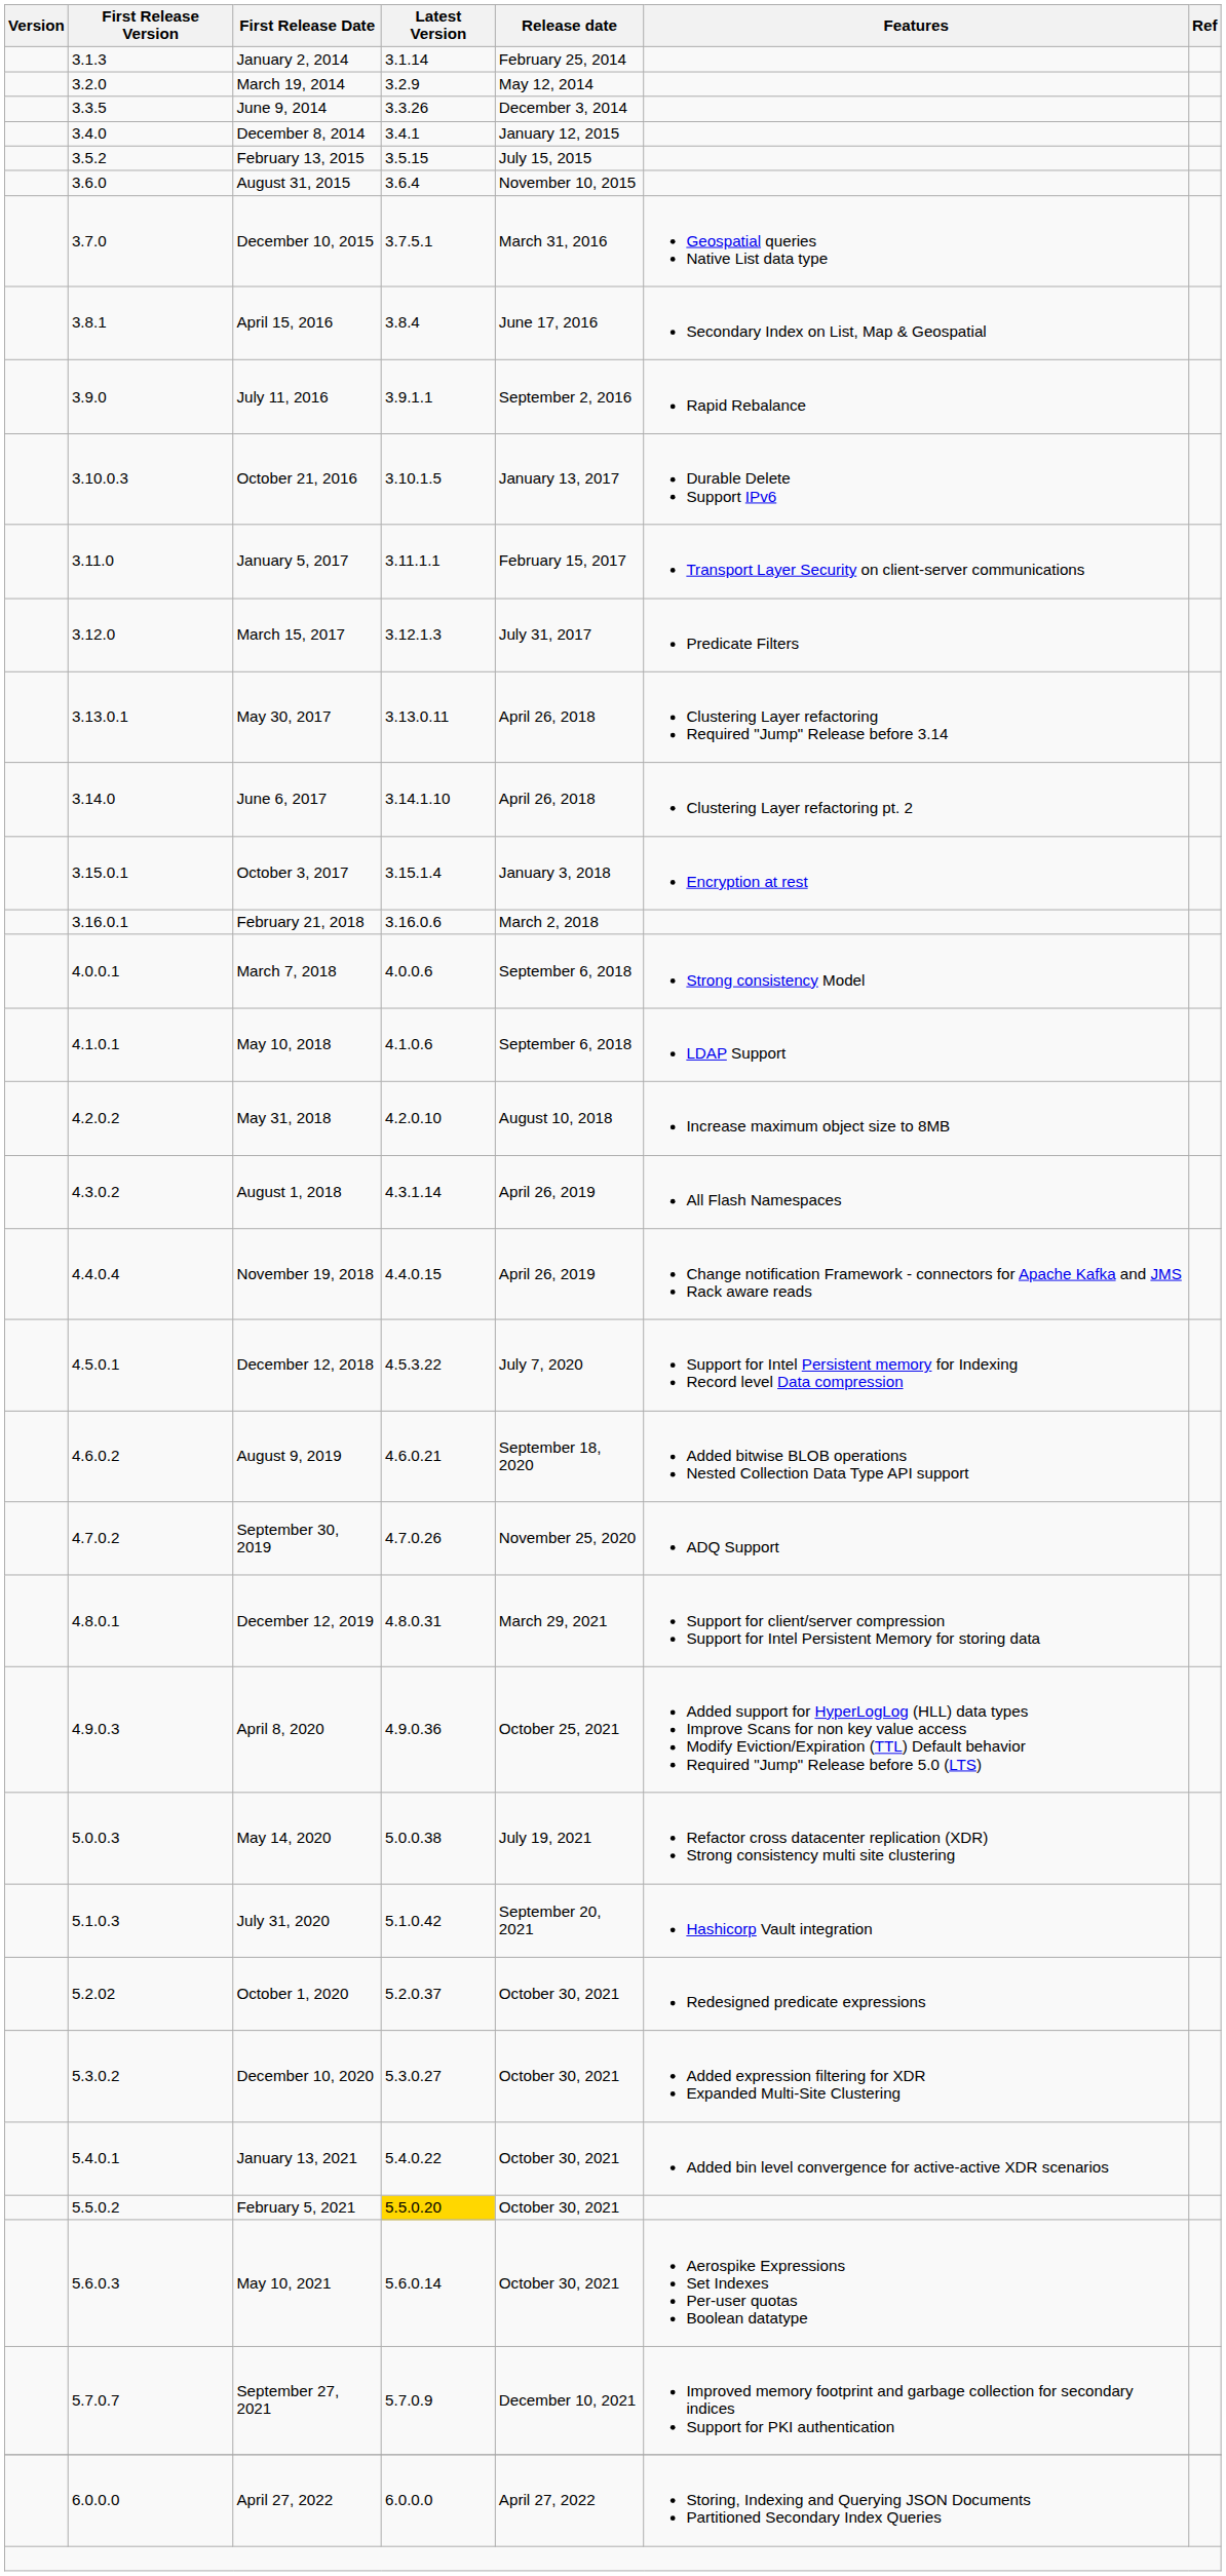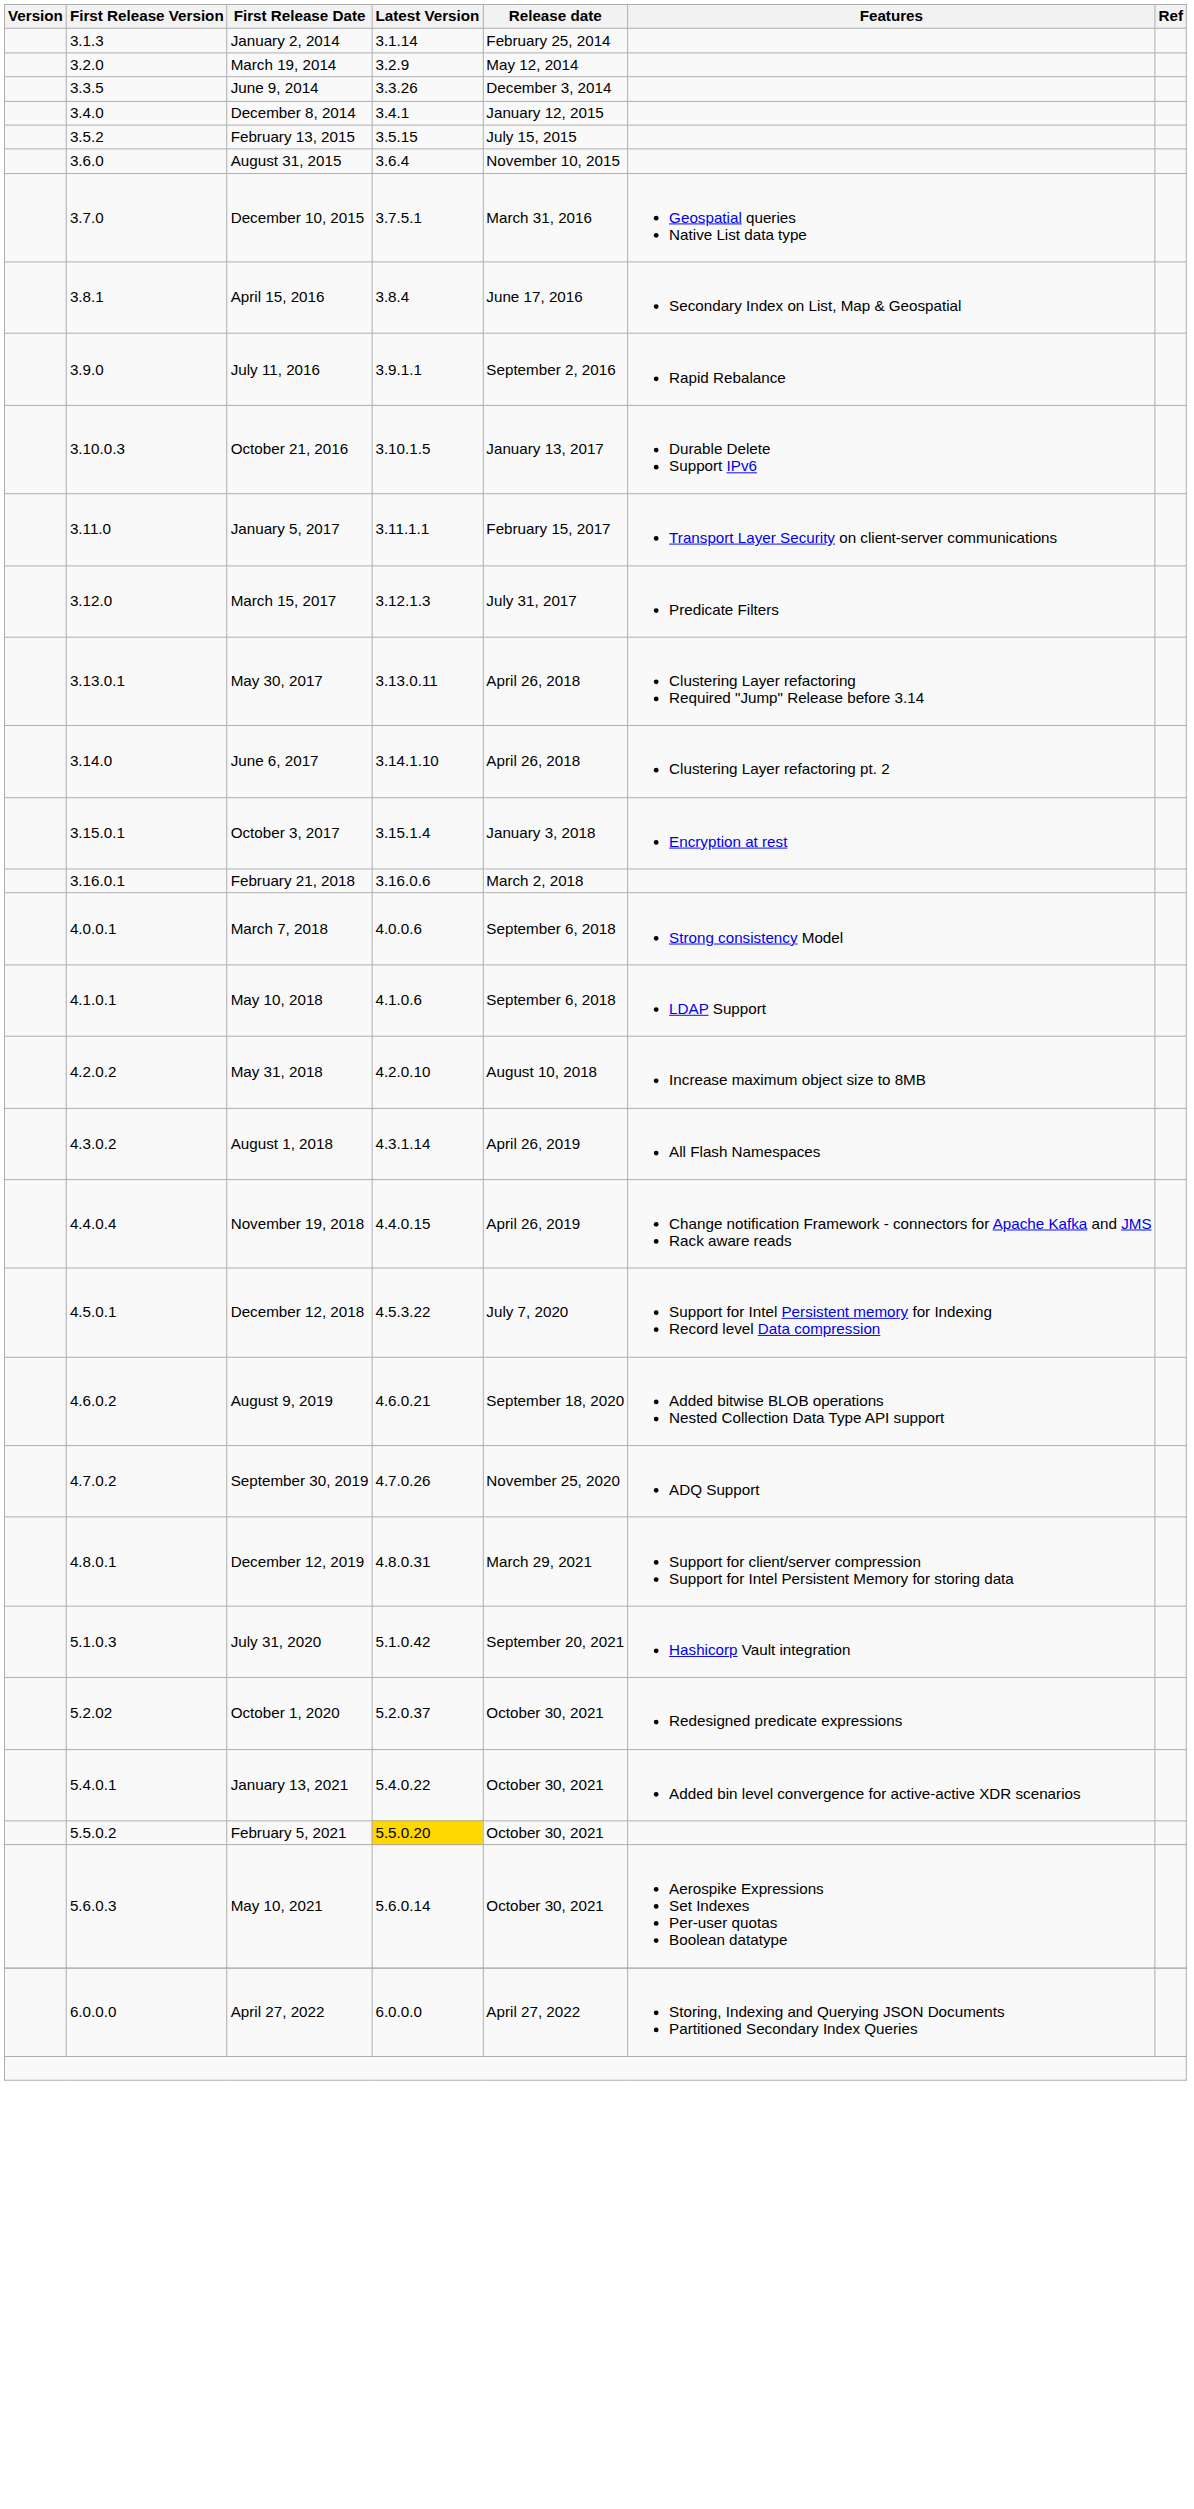 <table class="wikitable sortable">
 <tr>
 <th>Version</th>
 <th>First Release Version</th>
 <th>First Release Date</th>
 <th>Latest Version</th>
 <th>Release date</th>
 <th>Features</th>
 <th>Ref</th>
 </tr>
 <tr>
 <td></td>
 <td>3.1.3</td>
 <td>January 2, 2014</td>
 <td>3.1.14</td>
 <td>February 25, 2014</td>
 <td></td>
 <td><br></td>
 </tr>
 <tr>
 <td></td>
 <td>3.2.0</td>
 <td>March 19, 2014</td>
 <td>3.2.9</td>
 <td>May 12, 2014</td>
 <td></td>
 <td><br></td>
 </tr>
 <tr>
 <td></td>
 <td>3.3.5</td>
 <td>June 9, 2014</td>
 <td>3.3.26</td>
 <td>December 3, 2014</td>
 <td></td>
 <td><br></td>
 </tr>
 <tr>
 <td></td>
 <td>3.4.0</td>
 <td>December 8, 2014</td>
 <td>3.4.1</td>
 <td>January 12, 2015</td>
 <td></td>
 <td><br></td>
 </tr>
 <tr>
 <td></td>
 <td>3.5.2</td>
 <td>February 13, 2015</td>
 <td>3.5.15</td>
 <td>July 15, 2015</td>
 <td></td>
 <td><br></td>
 </tr>
 <tr>
 <td></td>
 <td>3.6.0</td>
 <td>August 31, 2015</td>
 <td>3.6.4</td>
 <td>November 10, 2015</td>
 <td></td>
 <td><br></td>
 </tr>
 <tr>
 <td></td>
 <td>3.7.0</td>
 <td>December 10, 2015</td>
 <td>3.7.5.1</td>
 <td>March 31, 2016</td>
 <td><br><ul><li><a href='#'>Geospatial</a> queries</li><li>Native List data type</li></ul></td>
 <td><br> </td>
 </tr>
 <tr>
 <td></td>
 <td>3.8.1</td>
 <td>April 15, 2016</td>
 <td>3.8.4</td>
 <td>June 17, 2016</td>
 <td><br><ul><li>Secondary Index on List, Map & Geospatial</li></ul></td>
 <td><br> </td>
 </tr>
 <tr>
 <td></td>
 <td>3.9.0</td>
 <td>July 11, 2016</td>
 <td>3.9.1.1</td>
 <td>September 2, 2016</td>
 <td><br><ul><li>Rapid Rebalance</li></ul></td>
 <td><br> </td>
 </tr>
 <tr>
 <td></td>
 <td>3.10.0.3</td>
 <td>October 21, 2016</td>
 <td>3.10.1.5</td>
 <td>January 13, 2017</td>
 <td><br><ul><li>Durable Delete</li><li>Support <a href='#'>IPv6</a></li></ul></td>
 <td><br> </td>
 </tr>
 <tr>
 <td></td>
 <td>3.11.0</td>
 <td>January 5, 2017</td>
 <td>3.11.1.1</td>
 <td>February 15, 2017</td>
 <td><br><ul><li><a href='#'>Transport Layer Security</a> on client-server communications</li></ul></td>
 <td><br> </td>
 </tr>
 <tr>
 <td></td>
 <td>3.12.0</td>
 <td>March 15, 2017</td>
 <td>3.12.1.3</td>
 <td>July 31, 2017</td>
 <td><br><ul><li>Predicate Filters</li></ul></td>
 <td><br> </td>
 </tr>
 <tr>
 <td></td>
 <td>3.13.0.1</td>
 <td>May 30, 2017</td>
 <td>3.13.0.11</td>
 <td>April 26, 2018</td>
 <td><br><ul><li>Clustering Layer refactoring</li><li>Required "Jump" Release before 3.14</li></ul></td>
 <td><br> </td>
 </tr>
 <tr>
 <td></td>
 <td>3.14.0</td>
 <td>June 6, 2017</td>
 <td>3.14.1.10</td>
 <td>April 26, 2018</td>
 <td><br><ul><li>Clustering Layer refactoring pt. 2</li></ul></td>
 <td><br> </td>
 </tr>
 <tr>
 <td></td>
 <td>3.15.0.1</td>
 <td>October 3, 2017</td>
 <td>3.15.1.4</td>
 <td>January 3, 2018</td>
 <td><br><ul><li><a href='#'>Encryption at rest</a></li></ul></td>
 <td><br></td>
 </tr>
 <tr>
 <td></td>
 <td>3.16.0.1</td>
 <td>February 21, 2018</td>
 <td>3.16.0.6</td>
 <td>March 2, 2018</td>
 <td></td>
 <td><br></td>
 </tr>
 <tr>
 <td></td>
 <td>4.0.0.1</td>
 <td>March 7, 2018</td>
 <td>4.0.0.6</td>
 <td>September 6, 2018</td>
 <td><br><ul><li><a href='#'>Strong consistency</a> Model</li></ul></td>
 <td><br> </td>
 </tr>
 <tr>
 <td></td>
 <td>4.1.0.1</td>
 <td>May 10, 2018</td>
 <td>4.1.0.6</td>
 <td>September 6, 2018</td>
 <td><br><ul><li><a href='#'>LDAP</a> Support</li></ul></td>
 <td><br> </td>
 </tr>
 <tr>
 <td></td>
 <td>4.2.0.2</td>
 <td>May 31, 2018</td>
 <td>4.2.0.10</td>
 <td>August 10, 2018</td>
 <td><br><ul><li>Increase maximum object size to 8MB</li></ul></td>
 <td><br> </td>
 </tr>
 <tr>
 <td></td>
 <td>4.3.0.2</td>
 <td>August 1, 2018</td>
 <td>4.3.1.14</td>
 <td>April 26, 2019</td>
 <td><br><ul><li>All Flash Namespaces</li></ul></td>
 <td><br> </td>
 </tr>
 <tr>
 <td></td>
 <td>4.4.0.4</td>
 <td>November 19, 2018</td>
 <td>4.4.0.15</td>
 <td>April 26, 2019</td>
 <td><br><ul><li>Change notification Framework - connectors for <a href='#'>Apache Kafka</a> and <a href='#'>JMS</a></li><li>Rack aware reads</li></ul></td>
 <td><br> </td>
 </tr>
 <tr>
 <td></td>
 <td>4.5.0.1</td>
 <td>December 12, 2018</td>
 <td>4.5.3.22</td>
 <td>July 7, 2020</td>
 <td><br><ul><li>Support for Intel <a href='#'>Persistent memory</a> for Indexing</li><li>Record level <a href='#'>Data compression</a></li></ul></td>
 <td><br> </td>
 </tr>
 <tr>
 <td></td>
 <td>4.6.0.2</td>
 <td>August 9, 2019</td>
 <td>4.6.0.21</td>
 <td>September 18, 2020</td>
 <td><br><ul><li>Added bitwise BLOB operations</li><li>Nested Collection Data Type API support</li></ul></td>
 <td><br></td>
 </tr>
 <tr>
 <td></td>
 <td>4.7.0.2</td>
 <td>September 30, 2019</td>
 <td>4.7.0.26</td>
 <td>November 25, 2020</td>
 <td><br><ul><li>ADQ Support</li></ul></td>
 <td><br> </td>
 </tr>
 <tr>
 <td></td>
 <td>4.8.0.1</td>
 <td>December 12, 2019</td>
 <td>4.8.0.31</td>
 <td>March 29, 2021</td>
 <td><br><ul><li>Support for client/server compression</li><li>Support for Intel Persistent Memory for storing data</li></ul></td>
 <td><br> </td>
 </tr>
 <tr>
 <td></td>
-<td>4.9.0.3</td>
-<td>April 8, 2020</td>
-<td>4.9.0.36</td>
-<td>October 25, 2021</td>
-<td><br><ul><li>Added support for <a href='#'>HyperLogLog</a> (HLL) data types</li><li>Improve Scans for non key value access</li><li>Modify Eviction/Expiration (<a href='#'>TTL</a>) Default behavior</li><li>Required "Jump" Release before 5.0 (<a href='#'>LTS</a>)</li></ul></td>
-<td><br> </td>
-</tr>
-<tr>
-<td></td>
-<td>5.0.0.3</td>
-<td>May 14, 2020</td>
-<td>5.0.0.38</td>
-<td>July 19, 2021</td>
-<td><br><ul><li>Refactor cross datacenter replication (XDR)</li><li>Strong consistency multi site clustering</li></ul></td>
-<td><br> </td>
-</tr>
-<tr>
-<td></td>
 <td>5.1.0.3</td>
 <td>July 31, 2020</td>
 <td>5.1.0.42</td>
 <td>September 20, 2021</td>
 <td><br><ul><li><a href='#'>Hashicorp</a> Vault integration</li></ul></td>
 <td><br> </td>
 </tr>
 <tr>
 <td></td>
 <td>5.2.02</td>
 <td>October 1, 2020</td>
 <td>5.2.0.37</td>
 <td>October 30, 2021</td>
 <td><br><ul><li>Redesigned predicate expressions</li></ul></td>
-<td><br> </td>
-</tr>
-<tr>
-<td></td>
-<td>5.3.0.2</td>
-<td>December 10, 2020</td>
-<td>5.3.0.27</td>
-<td>October 30, 2021</td>
-<td><br><ul><li>Added expression filtering for XDR</li><li>Expanded Multi-Site Clustering</li></ul></td>
 <td><br> </td>
 </tr>
 <tr>
 <td></td>
 <td>5.4.0.1</td>
 <td>January 13, 2021</td>
 <td>5.4.0.22</td>
 <td>October 30, 2021</td>
 <td><br><ul><li>Added bin level convergence for active-active XDR scenarios</li></ul></td>
 <td><br> </td>
 </tr>
 <tr>
 <td></td>
 <td>5.5.0.2</td>
 <td>February 5, 2021</td>
 <td style="background: gold;">5.5.0.20</td>
 <td>October 30, 2021</td>
 <td></td>
 <td><br></td>
 </tr>
 <tr>
 <td></td>
 <td>5.6.0.3</td>
 <td>May 10, 2021</td>
 <td>5.6.0.14</td>
 <td>October 30, 2021</td>
 <td><br><ul><li>Aerospike Expressions</li><li>Set Indexes</li><li>Per-user quotas</li><li>Boolean datatype</li></ul></td>
 <td><br> </td>
 </tr>
 <tr>
-<td></td>
-<td>5.7.0.7</td>
-<td>September 27, 2021</td>
-<td>5.7.0.9</td>
-<td>December 10, 2021</td>
-<td><br><ul><li>Improved memory footprint and garbage collection for secondary indices</li><li>Support for PKI authentication</li></ul></td>
-<td><br> </td>
-</tr>
-<tr>
 </tr>
 <tr>
 <td></td>
 <td>6.0.0.0</td>
 <td>April 27, 2022</td>
 <td>6.0.0.0</td>
 <td>April 27, 2022</td>
 <td><br><ul><li>Storing, Indexing and Querying JSON Documents</li><li>Partitioned Secondary Index Queries</li></ul></td>
 <td><br> </td>
 </tr>
 <tr>
 <td colspan="7"><small></small><br></td>
 </tr>
 </table>
